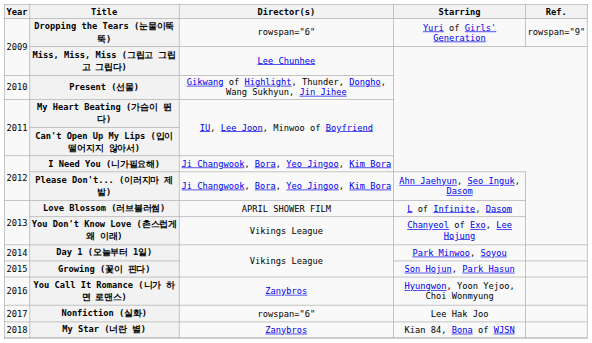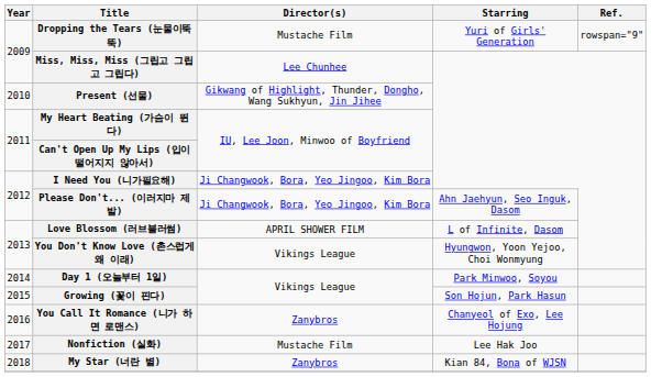 <table class="wikitable plainrowheaders" style="text-align:center;">
 <tr>
 <th scope="col">Year</th>
 <th scope="col">Title</th>
 <th scope="col">Director(s)</th>
 <th scope="col">Starring</th>
 <th scope="col">Ref.</th>
 </tr>
 <tr>
 <td rowspan="2">2009</td>
 <th scope="row">Dropping the Tears (눈물이뚝뚝)</th>
-<td>rowspan="6" </td>
+<td>Mustache Film</td>
 <td><a href='#'>Yuri</a> of <a href='#'>Girls' Generation</a></td>
 <td>rowspan="9" </td>
 </tr>
 <tr>
 <th scope="row">Miss, Miss, Miss (그립고 그립고 그립다)</th>
 <td><a href='#'>Lee Chunhee</a></td>
 </tr>
 <tr>
 <td>2010</td>
 <th scope="row">Present (선물)</th>
 <td><a href='#'>Gikwang</a> of <a href='#'>Highlight</a>, Thunder, <a href='#'>Dongho</a>, Wang Sukhyun, <a href='#'>Jin Jihee</a></td>
 </tr>
 <tr>
 <td rowspan="2">2011</td>
 <th scope="row">My Heart Beating (가슴이 뛴다)</th>
 <td rowspan="2"><a href='#'>IU</a>, <a href='#'>Lee Joon</a>, Minwoo of <a href='#'>Boyfriend</a></td>
 </tr>
 <tr>
 <th scope="row">Can't Open Up My Lips (입이 떨어지지 않아서)</th>
 </tr>
 <tr>
 <td rowspan="2">2012</td>
 <th scope="row">I Need You (니가필요해)</th>
 <td><a href='#'>Ji Changwook</a>, <a href='#'>Bora</a>, <a href='#'>Yeo Jingoo</a>, <a href='#'>Kim Bora</a></td>
 </tr>
 <tr>
 <th scope="row">Please Don't... (이러지마 제발)</th>
 <td><a href='#'>Ji Changwook</a>, <a href='#'>Bora</a>, <a href='#'>Yeo Jingoo</a>, <a href='#'>Kim Bora</a></td>
 <td><a href='#'>Ahn Jaehyun</a>, <a href='#'>Seo Inguk</a>, <a href='#'>Dasom</a></td>
 </tr>
 <tr>
 <td rowspan="2">2013</td>
 <th scope="row">Love Blossom (러브블러썸)</th>
 <td>APRIL SHOWER FILM</td>
 <td><a href='#'>L</a> of <a href='#'>Infinite</a>, <a href='#'>Dasom</a></td>
 </tr>
 <tr>
 <th scope="row">You Don't Know Love (촌스럽게 왜 이래)</th>
 <td>Vikings League</td>
-<td><a href='#'>Chanyeol</a> of <a href='#'>Exo</a>, <a href='#'>Lee Hojung</a></td>
+<td><a href='#'>Hyungwon</a>, Yoon Yejoo, Choi Wonmyung</td>
 </tr>
 <tr>
 <td>2014</td>
 <th scope="row">Day 1 (오늘부터 1일)</th>
 <td rowspan="2">Vikings League</td>
 <td><a href='#'>Park Minwoo</a>, <a href='#'>Soyou</a></td>
 <td></td>
 </tr>
 <tr>
 <td>2015</td>
 <th scope="row">Growing (꽃이 핀다)</th>
 <td><a href='#'>Son Hojun</a>, <a href='#'>Park Hasun</a></td>
 <td></td>
 </tr>
 <tr>
 <td>2016</td>
 <th scope="row">You Call It Romance (니가 하면 로맨스)</th>
 <td><a href='#'>Zanybros</a></td>
-<td><a href='#'>Hyungwon</a>, Yoon Yejoo, Choi Wonmyung</td>
+<td><a href='#'>Chanyeol</a> of <a href='#'>Exo</a>, <a href='#'>Lee Hojung</a></td>
 <td></td>
 </tr>
 <tr>
 <td>2017</td>
 <th scope="row">Nonfiction (실화)</th>
-<td>rowspan="6" </td>
+<td>Mustache Film</td>
 <td>Lee Hak Joo</td>
 <td></td>
 </tr>
 <tr>
 <td>2018</td>
 <th scope="row">My Star (너란 별)</th>
 <td><a href='#'>Zanybros</a></td>
 <td>Kian 84, <a href='#'>Bona</a> of <a href='#'>WJSN</a></td>
 <td></td>
 </tr>
 <tr>
 </tr>
 </table>
